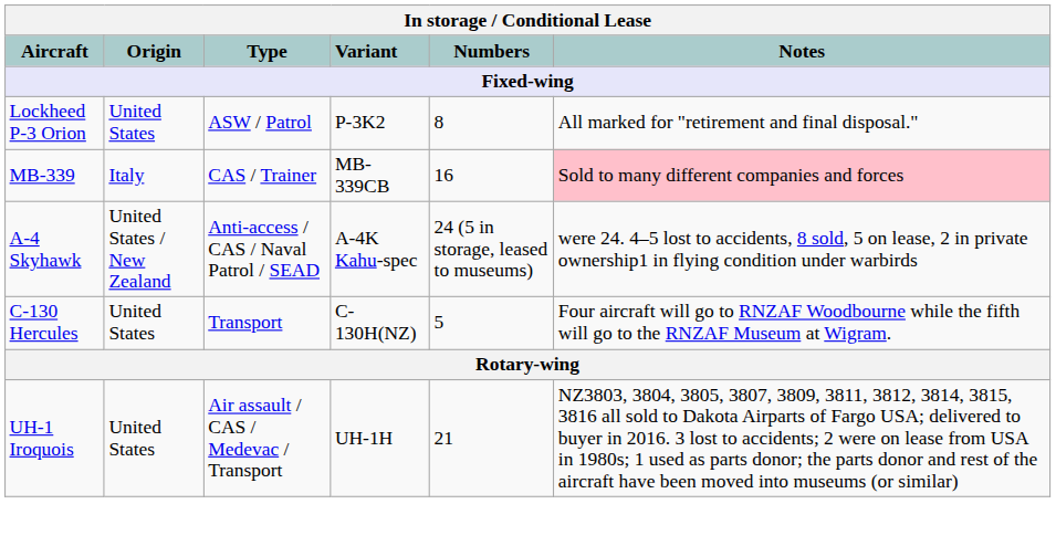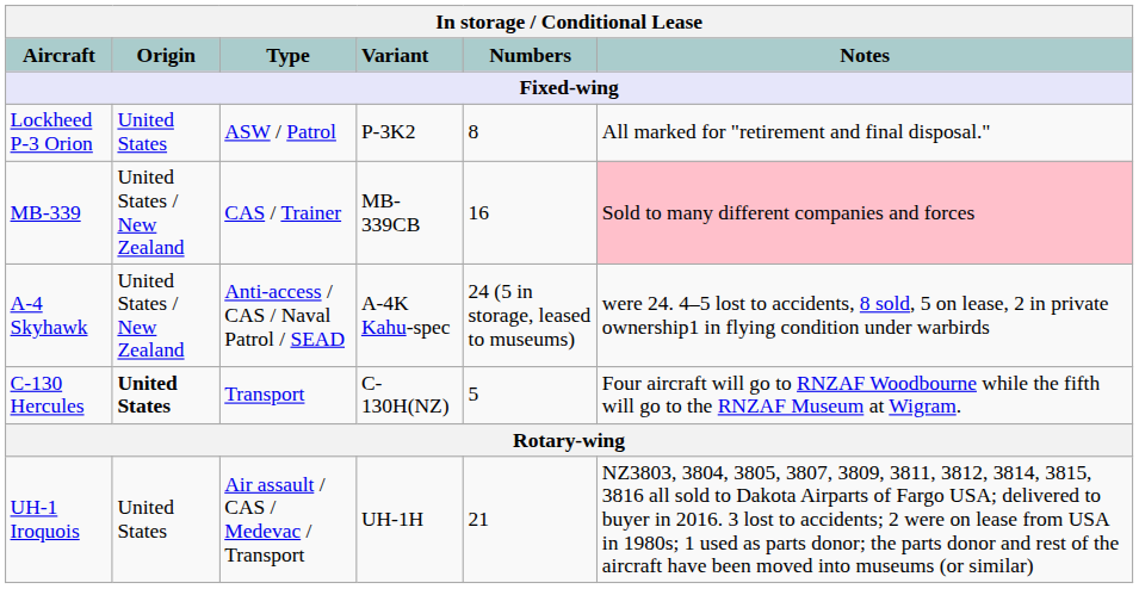 <table class="wikitable">
 <tr>
 <th colspan="6">In storage / Conditional Lease</th>
 </tr>
 <tr>
 <th style="text-align:center; background:#acc;">Aircraft</th>
 <th style="text-align: center; background:#acc;">Origin</th>
 <th style="text-align:l center; background:#acc;">Type</th>
 <th style="text-align:left; background:#acc;">Variant</th>
 <th style="text-align:center; background:#acc;">Numbers</th>
 <th style="text-align: center; background:#acc;">Notes</th>
 </tr>
 <tr>
 <th colspan="6" style="align: center; background: lavender;">Fixed-wing</th>
 </tr>
 <tr>
 <td><a href='#'>Lockheed P-3 Orion</a></td>
 <td><a href='#'>United States</a></td>
 <td><a href='#'>ASW</a> / <a href='#'>Patrol</a></td>
 <td>P-3K2</td>
 <td>8</td>
 <td>All marked for "retirement and final disposal."</td>
 </tr>
 <tr>
 <td><a href='#'>MB-339</a></td>
-<td><a href='#'>Italy</a></td>
+<td>United States / <a href='#'>New Zealand</a></td>
 <td><a href='#'>CAS</a> / <a href='#'>Trainer</a></td>
 <td>MB-339CB</td>
 <td>16</td>
 <td style="background: pink;">Sold to many different companies and forces</td>
 </tr>
 <tr>
 <td><a href='#'>A-4 Skyhawk</a></td>
 <td>United States / <a href='#'>New Zealand</a></td>
 <td><a href='#'>Anti-access</a> / CAS / Naval Patrol / <a href='#'>SEAD</a></td>
 <td>A-4K <a href='#'>Kahu</a>-spec</td>
 <td>24 (5 in storage, leased to museums)</td>
 <td>were 24. 4–5 lost to accidents, <a href='#'>8 sold</a>, 5 on lease, 2 in private ownership1 in flying condition under warbirds</td>
 </tr>
 <tr>
 <td><a href='#'>C-130 Hercules</a></td>
-<td>United States</td>
+<td><strong>United States</strong></td>
 <td><a href='#'>Transport</a></td>
 <td>C-130H(NZ)</td>
 <td>5</td>
 <td>Four aircraft will go to <a href='#'>RNZAF Woodbourne</a> while the fifth will go to the <a href='#'>RNZAF Museum</a> at <a href='#'>Wigram</a>.</td>
 </tr>
 <tr>
 <th colspan="6">Rotary-wing</th>
 </tr>
 <tr>
 <td><a href='#'>UH-1 Iroquois</a></td>
 <td>United States</td>
 <td><a href='#'>Air assault</a> / CAS / <a href='#'>Medevac</a> / Transport</td>
 <td>UH-1H</td>
 <td>21</td>
 <td>NZ3803, 3804, 3805, 3807, 3809, 3811, 3812, 3814, 3815, 3816 all sold to Dakota Airparts of Fargo USA; delivered to buyer in 2016. 3 lost to accidents; 2 were on lease from USA in 1980s; 1 used as parts donor; the parts donor and rest of the aircraft have been moved into museums (or similar) </td>
 </tr>
 </table>
